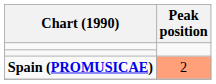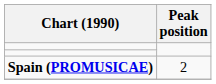 <table class="wikitable sortable">
 <tr>
 <th>Chart (1990)</th>
 <th>Peak<br>position</th>
 </tr>
 <tr>
 <td></td>
 </tr>
 <tr>
 <td></td>
 </tr>
 <tr>
 <td align="left"><strong>Spain (<a href='#'>PROMUSICAE</a>)</strong></td>
-<td align="center" style="background: lightsalmon;">2</td>
+<td align="center">2</td>
 </tr>
 <tr>
 </tr>
 </table>
